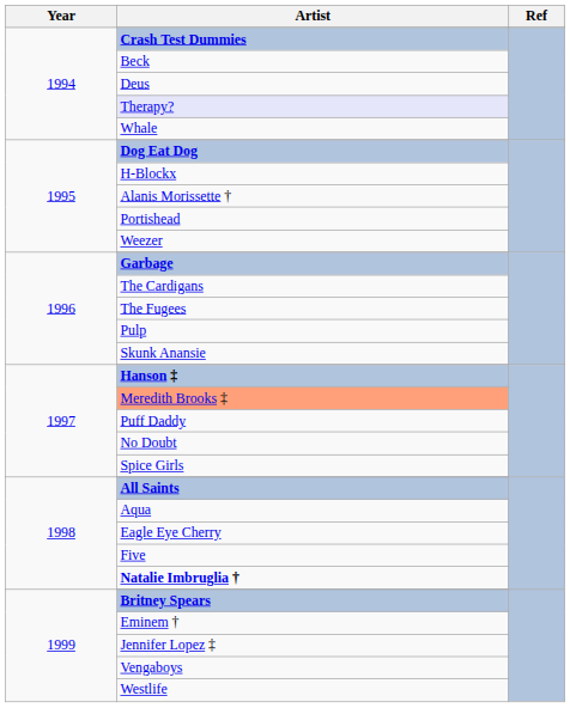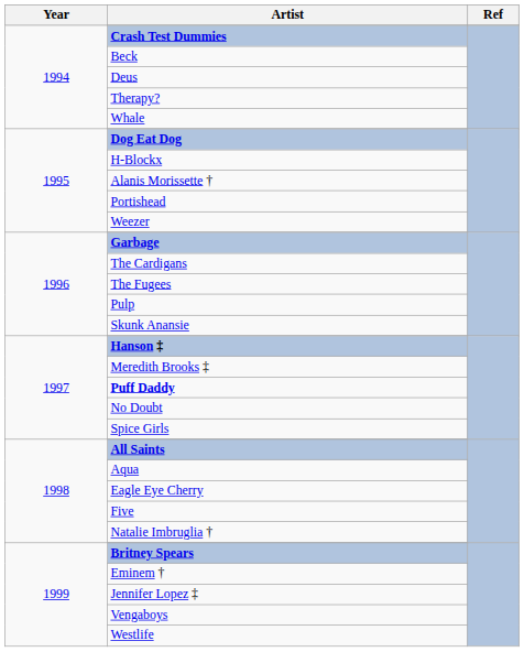 <table class="wikitable" style="width:50%;">
 <tr style="background:#bebebe;">
 <th style="width:10%;">Year</th>
 <th style="width:35%;">Artist</th>
 <th style="width:5%;">Ref</th>
 </tr>
 <tr>
 <td rowspan="6" align="center"><a href='#'>1994</a></td>
 </tr>
 <tr style="background:#B0C4DE">
 <td><strong><a href='#'>Crash Test Dummies</a></strong></td>
 <td rowspan="6" align="center"></td>
 </tr>
 <tr>
 <td><a href='#'>Beck</a></td>
 </tr>
 <tr>
 <td><a href='#'>Deus</a></td>
 </tr>
 <tr>
-<td style="background: lavender;"><a href='#'>Therapy?</a></td>
+<td><a href='#'>Therapy?</a></td>
 </tr>
 <tr>
 <td><a href='#'>Whale</a></td>
 </tr>
 <tr>
 <td rowspan="6" align="center"><a href='#'>1995</a></td>
 </tr>
 <tr style="background:#B0C4DE">
 <td><strong><a href='#'>Dog Eat Dog</a></strong></td>
 <td rowspan="6" align="center"></td>
 </tr>
 <tr>
 <td><a href='#'>H-Blockx</a></td>
 </tr>
 <tr>
 <td><a href='#'>Alanis Morissette</a> †</td>
 </tr>
 <tr>
 <td><a href='#'>Portishead</a></td>
 </tr>
 <tr>
 <td><a href='#'>Weezer</a></td>
 </tr>
 <tr>
 <td rowspan="6" align="center"><a href='#'>1996</a></td>
 </tr>
 <tr style="background:#B0C4DE">
 <td><strong><a href='#'>Garbage</a></strong></td>
 <td rowspan="6" align="center"></td>
 </tr>
 <tr>
 <td><a href='#'>The Cardigans</a></td>
 </tr>
 <tr>
 <td><a href='#'>The Fugees</a></td>
 </tr>
 <tr>
 <td><a href='#'>Pulp</a></td>
 </tr>
 <tr>
 <td><a href='#'>Skunk Anansie</a></td>
 </tr>
 <tr>
 <td rowspan="6" align="center"><a href='#'>1997</a></td>
 </tr>
 <tr style="background:#B0C4DE">
 <td><strong><a href='#'>Hanson</a> ‡</strong></td>
 <td rowspan="6" align="center"></td>
 </tr>
 <tr>
-<td style="background: lightsalmon;"><a href='#'>Meredith Brooks</a> ‡</td>
+<td><a href='#'>Meredith Brooks</a> ‡</td>
 </tr>
 <tr>
-<td><a href='#'>Puff Daddy</a></td>
+<td><strong><a href='#'>Puff Daddy</a></strong></td>
 </tr>
 <tr>
 <td><a href='#'>No Doubt</a></td>
 </tr>
 <tr>
 <td><a href='#'>Spice Girls</a></td>
 </tr>
 <tr>
 <td rowspan="6" align="center"><a href='#'>1998</a></td>
 </tr>
 <tr style="background:#B0C4DE">
 <td><strong><a href='#'>All Saints</a></strong></td>
 <td rowspan="6" align="center"></td>
 </tr>
 <tr>
 <td><a href='#'>Aqua</a></td>
 </tr>
 <tr>
 <td><a href='#'>Eagle Eye Cherry</a></td>
 </tr>
 <tr>
 <td><a href='#'>Five</a></td>
 </tr>
 <tr>
-<td><strong><a href='#'>Natalie Imbruglia</a> †</strong></td>
+<td><a href='#'>Natalie Imbruglia</a> †</td>
 </tr>
 <tr>
 <td rowspan="6" align="center"><a href='#'>1999</a></td>
 </tr>
 <tr style="background:#B0C4DE">
 <td><strong><a href='#'>Britney Spears</a></strong></td>
 <td rowspan="6" align="center"></td>
 </tr>
 <tr>
 <td><a href='#'>Eminem</a> †</td>
 </tr>
 <tr>
 <td><a href='#'>Jennifer Lopez</a> ‡</td>
 </tr>
 <tr>
 <td><a href='#'>Vengaboys</a></td>
 </tr>
 <tr>
 <td><a href='#'>Westlife</a></td>
 </tr>
 </table>
